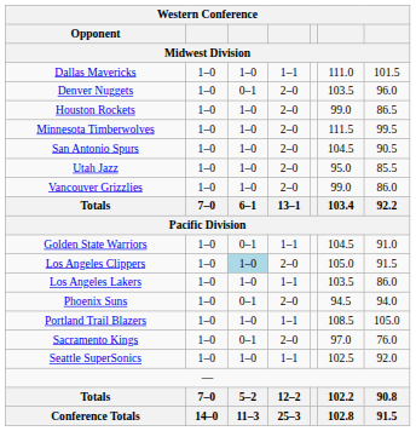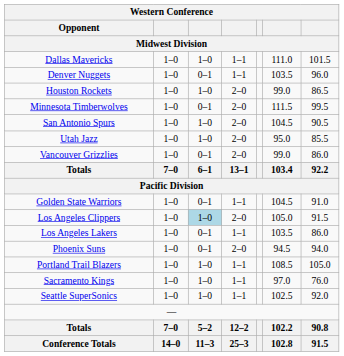 <table class="wikitable" style="font-size:95%;text-align:center;width:35em">
 <tr>
 <th colspan="7">Western Conference</th>
 </tr>
 <tr>
 <th>Opponent</th>
 <th></th>
 <th></th>
 <th></th>
 <th></th>
 <th></th>
 <th></th>
 </tr>
 <tr>
 <th colspan="7">Midwest Division</th>
 </tr>
 <tr>
 <td><a href='#'>Dallas Mavericks</a></td>
 <td>1–0</td>
 <td>1–0</td>
 <td>1–1</td>
 <td></td>
 <td>111.0</td>
 <td>101.5</td>
 </tr>
 <tr>
 <td><a href='#'>Denver Nuggets</a></td>
 <td>1–0</td>
 <td>0–1</td>
-<td>2–0</td>
+<td>1–1</td>
 <td></td>
 <td>103.5</td>
 <td>96.0</td>
 </tr>
 <tr>
 <td><a href='#'>Houston Rockets</a></td>
 <td>1–0</td>
 <td>1–0</td>
 <td>2–0</td>
 <td></td>
 <td>99.0</td>
 <td>86.5</td>
 </tr>
 <tr>
 <td><a href='#'>Minnesota Timberwolves</a></td>
 <td>1–0</td>
-<td>1–0</td>
+<td>0–1</td>
 <td>2–0</td>
 <td></td>
 <td>111.5</td>
 <td>99.5</td>
 </tr>
 <tr>
 <td><a href='#'>San Antonio Spurs</a></td>
 <td>1–0</td>
 <td>1–0</td>
 <td>2–0</td>
 <td></td>
 <td>104.5</td>
 <td>90.5</td>
 </tr>
 <tr>
 <td><a href='#'>Utah Jazz</a></td>
 <td>1–0</td>
 <td>1–0</td>
 <td>2–0</td>
 <td></td>
 <td>95.0</td>
 <td>85.5</td>
 </tr>
 <tr>
 <td><a href='#'>Vancouver Grizzlies</a></td>
 <td>1–0</td>
-<td>1–0</td>
+<td>0–1</td>
 <td>2–0</td>
 <td></td>
 <td>99.0</td>
 <td>86.0</td>
 </tr>
 <tr>
 <th>Totals</th>
 <th>7–0</th>
 <th>6–1</th>
 <th>13–1</th>
 <th></th>
 <th>103.4</th>
 <th>92.2</th>
 </tr>
 <tr>
 <th colspan="7">Pacific Division</th>
 </tr>
 <tr>
 <td><a href='#'>Golden State Warriors</a></td>
 <td>1–0</td>
 <td>0–1</td>
 <td>1–1</td>
 <td></td>
 <td>104.5</td>
 <td>91.0</td>
 </tr>
 <tr>
 <td><a href='#'>Los Angeles Clippers</a></td>
 <td>1–0</td>
 <td style="background: lightblue;">1–0</td>
 <td>2–0</td>
 <td></td>
 <td>105.0</td>
 <td>91.5</td>
 </tr>
 <tr>
 <td><a href='#'>Los Angeles Lakers</a></td>
 <td>1–0</td>
-<td>1–0</td>
+<td>0–1</td>
 <td>1–1</td>
 <td></td>
 <td>103.5</td>
 <td>86.0</td>
 </tr>
 <tr>
 <td><a href='#'>Phoenix Suns</a></td>
 <td>1–0</td>
 <td>0–1</td>
 <td>2–0</td>
 <td></td>
 <td>94.5</td>
 <td>94.0</td>
 </tr>
 <tr>
 <td><a href='#'>Portland Trail Blazers</a></td>
 <td>1–0</td>
 <td>1–0</td>
 <td>1–1</td>
 <td></td>
 <td>108.5</td>
 <td>105.0</td>
 </tr>
 <tr>
 <td><a href='#'>Sacramento Kings</a></td>
 <td>1–0</td>
-<td>0–1</td>
-<td>2–0</td>
+<td>1–0</td>
+<td>1–1</td>
 <td></td>
 <td>97.0</td>
 <td>76.0</td>
 </tr>
 <tr>
 <td><a href='#'>Seattle SuperSonics</a></td>
 <td>1–0</td>
 <td>1–0</td>
 <td>1–1</td>
 <td></td>
 <td>102.5</td>
 <td>92.0</td>
 </tr>
 <tr>
 <td colspan="7">—</td>
 </tr>
 <tr>
 <th>Totals</th>
 <th>7–0</th>
 <th>5–2</th>
 <th>12–2</th>
 <th></th>
 <th>102.2</th>
 <th>90.8</th>
 </tr>
 <tr>
 <th>Conference Totals</th>
 <th>14–0</th>
 <th>11–3</th>
 <th>25–3</th>
 <th></th>
 <th>102.8</th>
 <th>91.5</th>
 </tr>
 </table>
